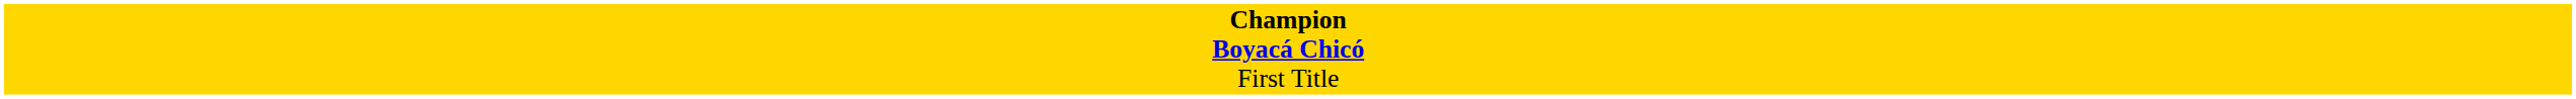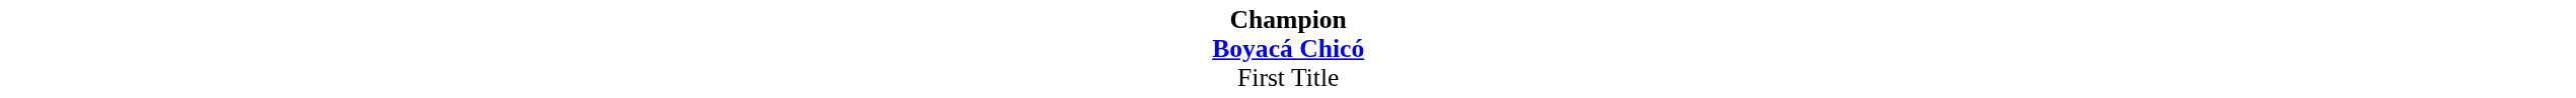 <table cellspacing=0 width=100%>
 <tr>
 <td align=center><br></td>
 </tr>
 <tr>
-<td align=center style="background: gold;"><strong>Champion<br><a href='#'>Boyacá Chicó</a></strong><br>First Title</td>
+<td align=center><strong>Champion<br><a href='#'>Boyacá Chicó</a></strong><br>First Title</td>
 </tr>
 </table>
